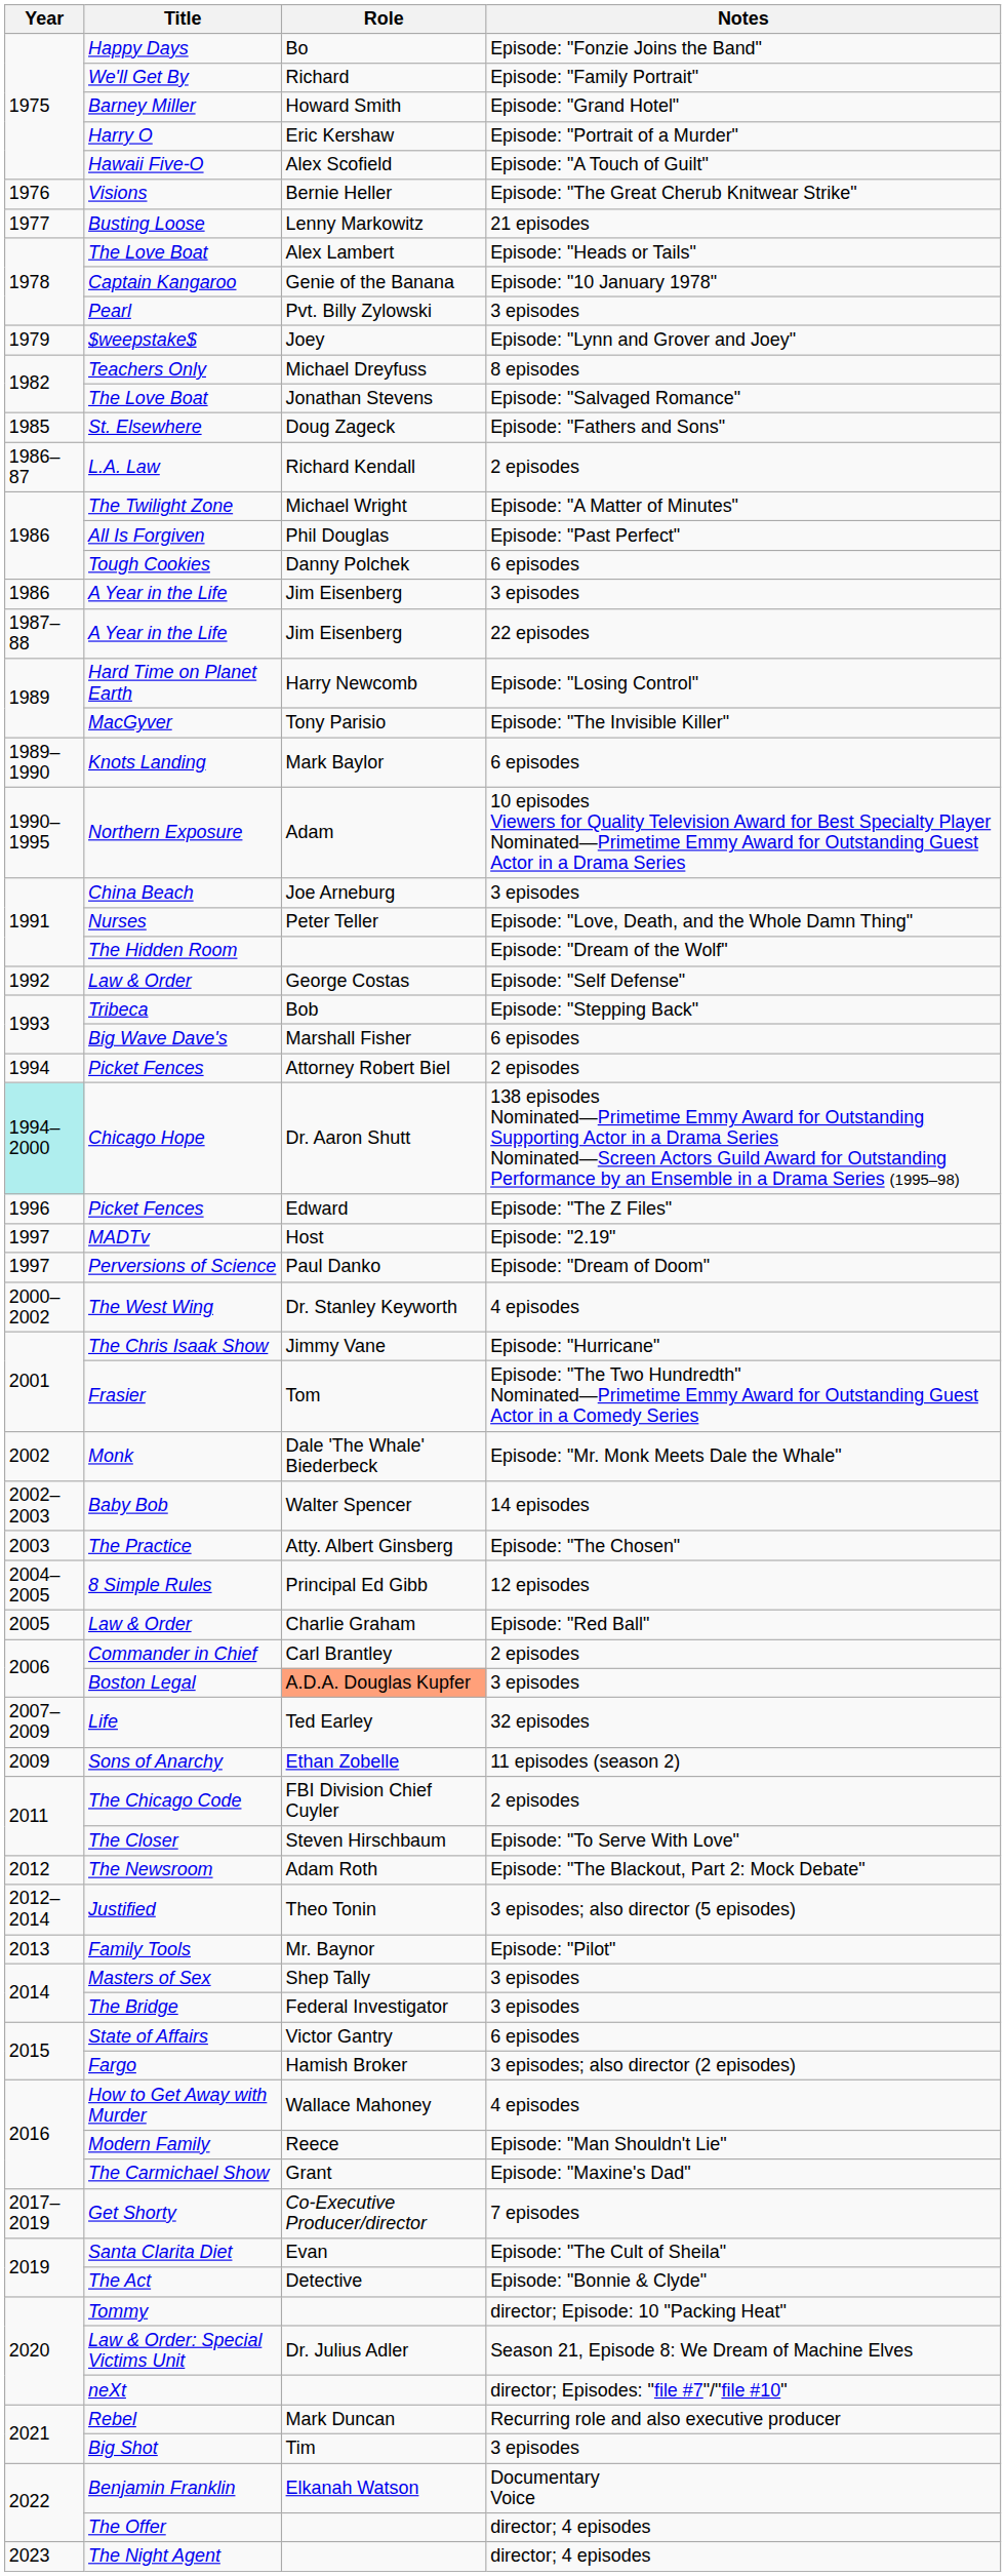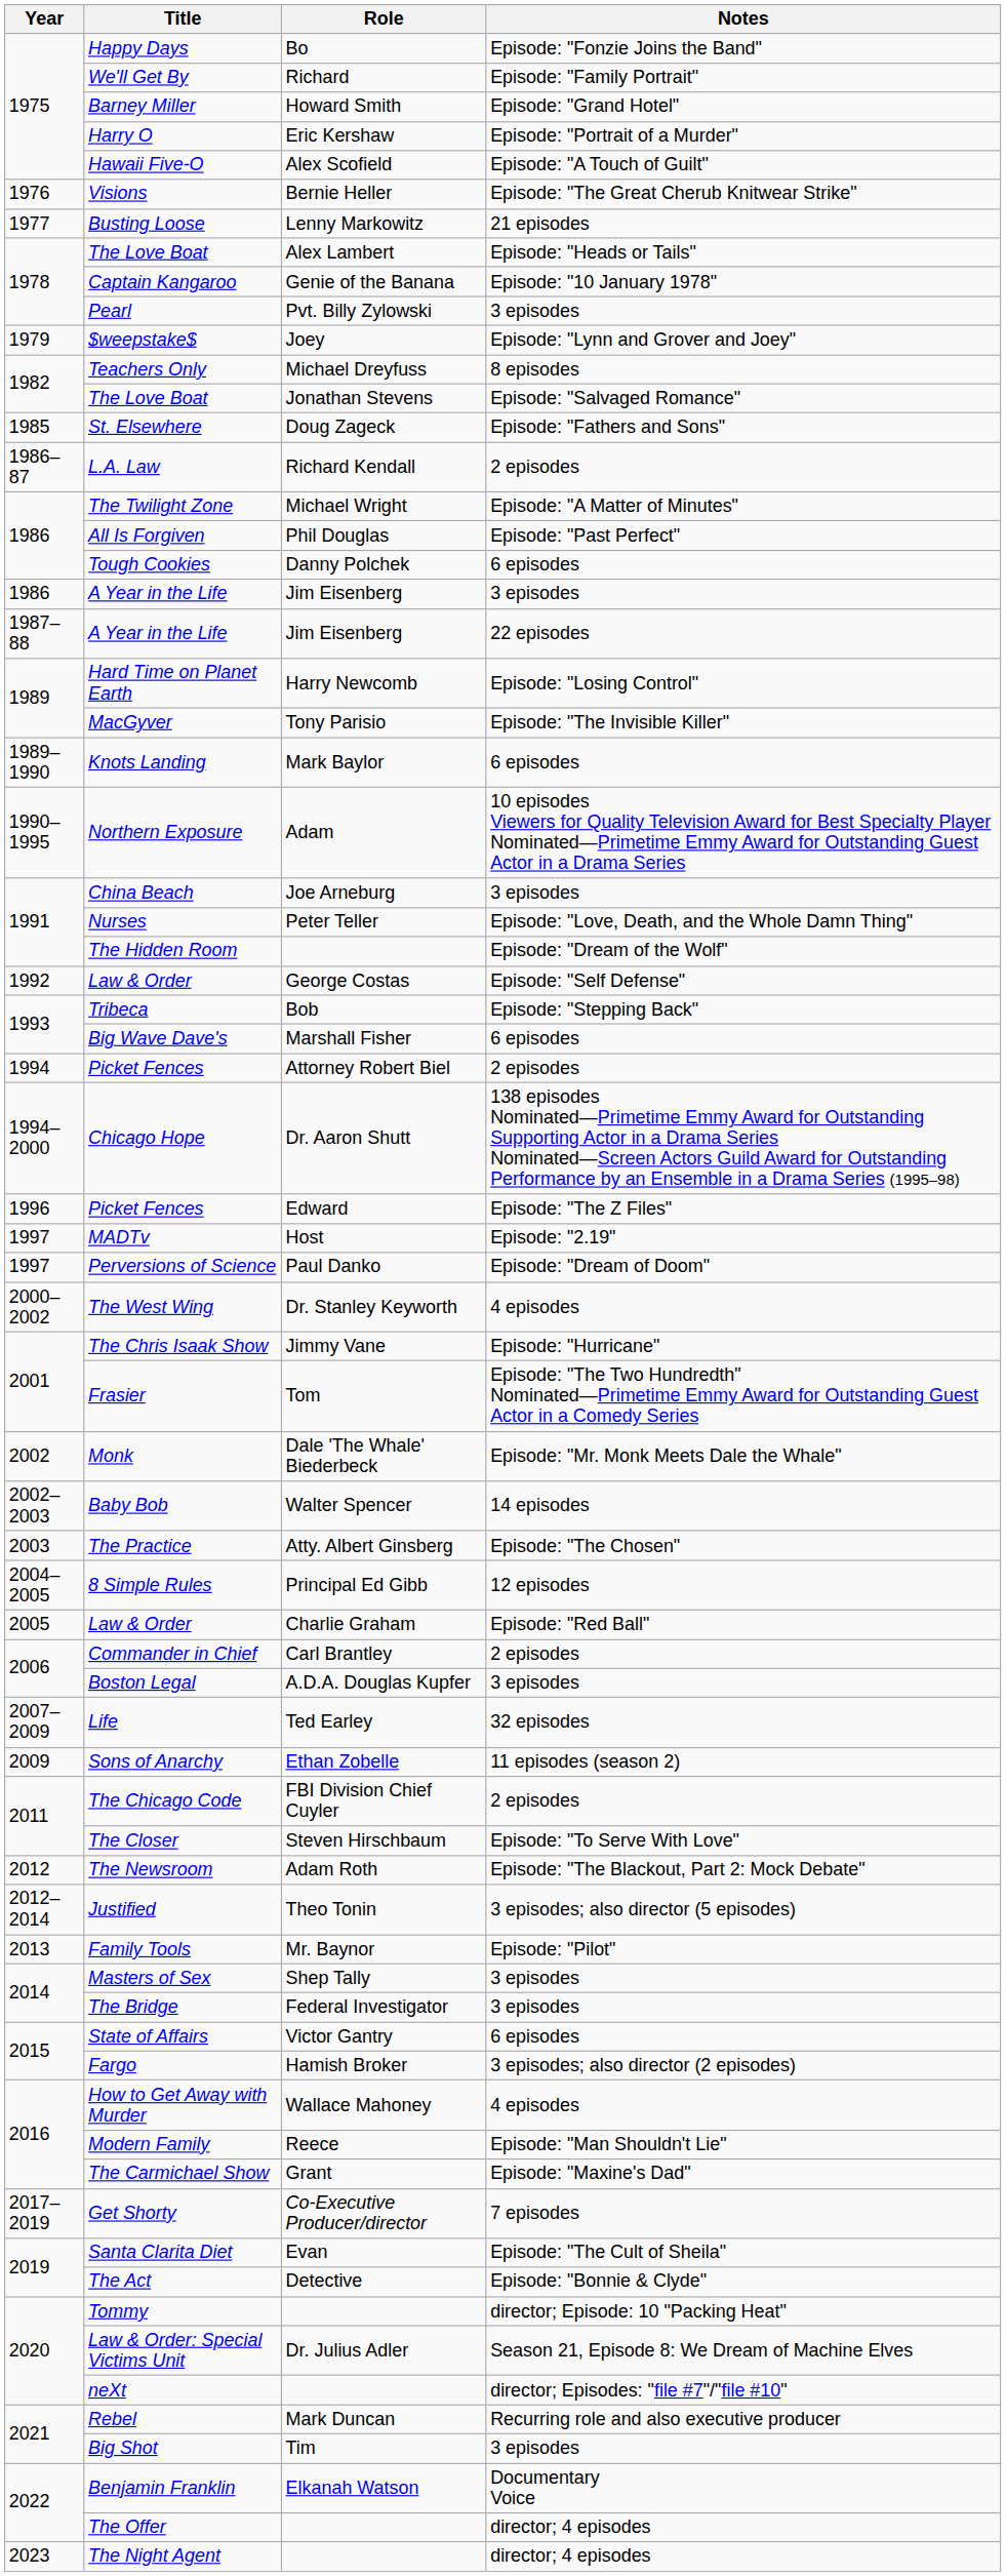 <table class="wikitable sortable">
 <tr>
 <th>Year</th>
 <th>Title</th>
 <th>Role</th>
 <th>Notes</th>
 </tr>
 <tr>
 <td rowspan="5">1975</td>
 <td><em><a href='#'>Happy Days</a></em></td>
 <td>Bo</td>
 <td>Episode: "Fonzie Joins the Band"</td>
 </tr>
 <tr>
 <td><em><a href='#'>We'll Get By</a></em></td>
 <td>Richard</td>
 <td>Episode: "Family Portrait"</td>
 </tr>
 <tr>
 <td><em><a href='#'>Barney Miller</a></em></td>
 <td>Howard Smith</td>
 <td>Episode: "Grand Hotel"</td>
 </tr>
 <tr>
 <td><em><a href='#'>Harry O</a></em></td>
 <td>Eric Kershaw</td>
 <td>Episode: "Portrait of a Murder"</td>
 </tr>
 <tr>
 <td><em><a href='#'>Hawaii Five-O</a></em></td>
 <td>Alex Scofield</td>
 <td>Episode: "A Touch of Guilt"</td>
 </tr>
 <tr>
 <td>1976</td>
 <td><em><a href='#'>Visions</a></em></td>
 <td>Bernie Heller</td>
 <td>Episode: "The Great Cherub Knitwear Strike"</td>
 </tr>
 <tr>
 <td>1977</td>
 <td><em><a href='#'>Busting Loose</a></em></td>
 <td>Lenny Markowitz</td>
 <td>21 episodes</td>
 </tr>
 <tr>
 <td rowspan="3">1978</td>
 <td><em><a href='#'>The Love Boat</a></em></td>
 <td>Alex Lambert</td>
 <td>Episode: "Heads or Tails"</td>
 </tr>
 <tr>
 <td><em><a href='#'>Captain Kangaroo</a></em></td>
 <td>Genie of the Banana</td>
 <td>Episode: "10 January 1978"</td>
 </tr>
 <tr>
 <td><em><a href='#'>Pearl</a></em></td>
 <td>Pvt. Billy Zylowski</td>
 <td>3 episodes</td>
 </tr>
 <tr>
 <td>1979</td>
 <td><em><a href='#'>$weepstake$</a></em></td>
 <td>Joey</td>
 <td>Episode: "Lynn and Grover and Joey"</td>
 </tr>
 <tr>
 <td rowspan="2">1982</td>
 <td><em><a href='#'>Teachers Only</a></em></td>
 <td>Michael Dreyfuss</td>
 <td>8 episodes</td>
 </tr>
 <tr>
 <td><em><a href='#'>The Love Boat</a></em></td>
 <td>Jonathan Stevens</td>
 <td>Episode: "Salvaged Romance"</td>
 </tr>
 <tr>
 <td>1985</td>
 <td><em><a href='#'>St. Elsewhere</a></em></td>
 <td>Doug Zageck</td>
 <td>Episode: "Fathers and Sons"</td>
 </tr>
 <tr>
 <td>1986–87</td>
 <td><em><a href='#'>L.A. Law</a></em></td>
 <td>Richard Kendall</td>
 <td>2 episodes</td>
 </tr>
 <tr>
 <td rowspan="3">1986</td>
 <td><em><a href='#'>The Twilight Zone</a></em></td>
 <td>Michael Wright</td>
 <td>Episode: "A Matter of Minutes"</td>
 </tr>
 <tr>
 <td><em><a href='#'>All Is Forgiven</a></em></td>
 <td>Phil Douglas</td>
 <td>Episode: "Past Perfect"</td>
 </tr>
 <tr>
 <td><em><a href='#'>Tough Cookies</a></em></td>
 <td>Danny Polchek</td>
 <td>6 episodes</td>
 </tr>
 <tr>
 <td>1986</td>
 <td><em><a href='#'>A Year in the Life</a></em></td>
 <td>Jim Eisenberg</td>
 <td>3 episodes</td>
 </tr>
 <tr>
 <td>1987–88</td>
 <td><em><a href='#'>A Year in the Life</a></em></td>
 <td>Jim Eisenberg</td>
 <td>22 episodes</td>
 </tr>
 <tr>
 <td rowspan="2">1989</td>
 <td><em><a href='#'>Hard Time on Planet Earth</a></em></td>
 <td>Harry Newcomb</td>
 <td>Episode: "Losing Control"</td>
 </tr>
 <tr>
 <td><em><a href='#'>MacGyver</a></em></td>
 <td>Tony Parisio</td>
 <td>Episode: "The Invisible Killer"</td>
 </tr>
 <tr>
 <td>1989–1990</td>
 <td><em><a href='#'>Knots Landing</a></em></td>
 <td>Mark Baylor</td>
 <td>6 episodes</td>
 </tr>
 <tr>
 <td>1990–1995</td>
 <td><em><a href='#'>Northern Exposure</a></em></td>
 <td>Adam</td>
 <td>10 episodes<br><a href='#'>Viewers for Quality Television Award for Best Specialty Player</a><br>Nominated—<a href='#'>Primetime Emmy Award for Outstanding Guest Actor in a Drama Series</a></td>
 </tr>
 <tr>
 <td rowspan="3">1991</td>
 <td><em><a href='#'>China Beach</a></em></td>
 <td>Joe Arneburg</td>
 <td>3 episodes</td>
 </tr>
 <tr>
 <td><em><a href='#'>Nurses</a></em></td>
 <td>Peter Teller</td>
 <td>Episode: "Love, Death, and the Whole Damn Thing"</td>
 </tr>
 <tr>
 <td><em><a href='#'>The Hidden Room</a></em></td>
 <td></td>
 <td>Episode: "Dream of the Wolf"</td>
 </tr>
 <tr>
 <td>1992</td>
 <td><em><a href='#'>Law & Order</a></em></td>
 <td>George Costas</td>
 <td>Episode: "Self Defense"</td>
 </tr>
 <tr>
 <td rowspan="2">1993</td>
 <td><em><a href='#'>Tribeca</a></em></td>
 <td>Bob</td>
 <td>Episode: "Stepping Back"</td>
 </tr>
 <tr>
 <td><em><a href='#'>Big Wave Dave's</a></em></td>
 <td>Marshall Fisher</td>
 <td>6 episodes</td>
 </tr>
 <tr>
 <td>1994</td>
 <td><em><a href='#'>Picket Fences</a></em></td>
 <td>Attorney Robert Biel</td>
 <td>2 episodes</td>
 </tr>
 <tr>
-<td style="background: paleturquoise;">1994–2000</td>
+<td>1994–2000</td>
 <td><em><a href='#'>Chicago Hope</a></em></td>
 <td>Dr. Aaron Shutt</td>
 <td>138 episodes<br>Nominated—<a href='#'>Primetime Emmy Award for Outstanding Supporting Actor in a Drama Series</a><br>Nominated—<a href='#'>Screen Actors Guild Award for Outstanding Performance by an Ensemble in a Drama Series</a> <small>(1995–98)</small></td>
 </tr>
 <tr>
 <td>1996</td>
 <td><em><a href='#'>Picket Fences</a></em></td>
 <td>Edward</td>
 <td>Episode: "The Z Files"</td>
 </tr>
 <tr>
 <td>1997</td>
 <td><em><a href='#'>MADTv</a></em></td>
 <td>Host</td>
 <td>Episode: "2.19"</td>
 </tr>
 <tr>
 <td>1997</td>
 <td><em><a href='#'>Perversions of Science</a></em></td>
 <td>Paul Danko</td>
 <td>Episode: "Dream of Doom"</td>
 </tr>
 <tr>
 <td>2000–2002</td>
 <td><em><a href='#'>The West Wing</a></em></td>
 <td>Dr. Stanley Keyworth</td>
 <td>4 episodes</td>
 </tr>
 <tr>
 <td rowspan="2">2001</td>
 <td><em><a href='#'>The Chris Isaak Show</a></em></td>
 <td>Jimmy Vane</td>
 <td>Episode: "Hurricane"</td>
 </tr>
 <tr>
 <td><em><a href='#'>Frasier</a></em></td>
 <td>Tom</td>
 <td>Episode: "The Two Hundredth"<br>Nominated—<a href='#'>Primetime Emmy Award for Outstanding Guest Actor in a Comedy Series</a></td>
 </tr>
 <tr>
 <td>2002</td>
 <td><em><a href='#'>Monk</a></em></td>
 <td>Dale 'The Whale' Biederbeck</td>
 <td>Episode: "Mr. Monk Meets Dale the Whale"</td>
 </tr>
 <tr>
 <td>2002–2003</td>
 <td><em><a href='#'>Baby Bob</a></em></td>
 <td>Walter Spencer</td>
 <td>14 episodes</td>
 </tr>
 <tr>
 <td>2003</td>
 <td><em><a href='#'>The Practice</a></em></td>
 <td>Atty. Albert Ginsberg</td>
 <td>Episode: "The Chosen"</td>
 </tr>
 <tr>
 <td>2004–2005</td>
 <td><em><a href='#'>8 Simple Rules</a></em></td>
 <td>Principal Ed Gibb</td>
 <td>12 episodes</td>
 </tr>
 <tr>
 <td>2005</td>
 <td><em><a href='#'>Law & Order</a></em></td>
 <td>Charlie Graham</td>
 <td>Episode: "Red Ball"</td>
 </tr>
 <tr>
 <td rowspan="2">2006</td>
 <td><em><a href='#'>Commander in Chief</a></em></td>
 <td>Carl Brantley</td>
 <td>2 episodes</td>
 </tr>
 <tr>
 <td><em><a href='#'>Boston Legal</a></em></td>
-<td style="background: lightsalmon;">A.D.A. Douglas Kupfer</td>
+<td>A.D.A. Douglas Kupfer</td>
 <td>3 episodes</td>
 </tr>
 <tr>
 <td>2007–2009</td>
 <td><em><a href='#'>Life</a></em></td>
 <td>Ted Earley</td>
 <td>32 episodes</td>
 </tr>
 <tr>
 <td>2009</td>
 <td><em><a href='#'>Sons of Anarchy</a></em></td>
 <td><a href='#'>Ethan Zobelle</a></td>
 <td>11 episodes (season 2)</td>
 </tr>
 <tr>
 <td rowspan="2">2011</td>
 <td><em><a href='#'>The Chicago Code</a></em></td>
 <td>FBI Division Chief Cuyler</td>
 <td>2 episodes</td>
 </tr>
 <tr>
 <td><em><a href='#'>The Closer</a></em></td>
 <td>Steven Hirschbaum</td>
 <td>Episode: "To Serve With Love"</td>
 </tr>
 <tr>
 <td>2012</td>
 <td><em><a href='#'>The Newsroom</a></em></td>
 <td>Adam Roth</td>
 <td>Episode: "The Blackout, Part 2: Mock Debate"</td>
 </tr>
 <tr>
 <td>2012–2014</td>
 <td><em><a href='#'>Justified</a></em></td>
 <td>Theo Tonin</td>
 <td>3 episodes; also director (5 episodes)</td>
 </tr>
 <tr>
 <td>2013</td>
 <td><em><a href='#'>Family Tools</a></em></td>
 <td>Mr. Baynor</td>
 <td>Episode: "Pilot"</td>
 </tr>
 <tr>
 <td rowspan=2>2014</td>
 <td><em><a href='#'>Masters of Sex</a></em></td>
 <td>Shep Tally</td>
 <td>3 episodes</td>
 </tr>
 <tr>
 <td><em><a href='#'>The Bridge</a></em></td>
 <td>Federal Investigator</td>
 <td>3 episodes</td>
 </tr>
 <tr>
 <td rowspan=2>2015</td>
 <td><em><a href='#'>State of Affairs</a></em></td>
 <td>Victor Gantry</td>
 <td>6 episodes</td>
 </tr>
 <tr>
 <td><em><a href='#'>Fargo</a></em></td>
 <td>Hamish Broker</td>
 <td>3 episodes; also director (2 episodes)</td>
 </tr>
 <tr>
 <td rowspan="3">2016</td>
 <td><em><a href='#'>How to Get Away with Murder</a></em></td>
 <td>Wallace Mahoney</td>
 <td>4 episodes</td>
 </tr>
 <tr>
 <td><em><a href='#'>Modern Family</a></em></td>
 <td>Reece</td>
 <td>Episode: "Man Shouldn't Lie"</td>
 </tr>
 <tr>
 <td><em><a href='#'>The Carmichael Show</a></em></td>
 <td>Grant</td>
 <td>Episode: "Maxine's Dad"</td>
 </tr>
 <tr>
 <td>2017–2019</td>
 <td><em><a href='#'>Get Shorty</a></em></td>
 <td><em>Co-Executive Producer/director</em></td>
 <td>7 episodes</td>
 </tr>
 <tr>
 <td rowspan=2>2019</td>
 <td><em><a href='#'>Santa Clarita Diet</a></em></td>
 <td>Evan</td>
 <td>Episode: "The Cult of Sheila"</td>
 </tr>
 <tr>
 <td><em><a href='#'>The Act</a></em></td>
 <td>Detective</td>
 <td>Episode: "Bonnie & Clyde"</td>
 </tr>
 <tr>
 <td rowspan=3>2020</td>
 <td><em><a href='#'>Tommy</a></em></td>
 <td></td>
 <td>director; Episode: 10 "Packing Heat"</td>
 </tr>
 <tr>
 <td><em><a href='#'>Law & Order: Special Victims Unit</a></em></td>
 <td>Dr. Julius Adler</td>
 <td>Season 21, Episode 8: We Dream of Machine Elves</td>
 </tr>
 <tr>
 <td><em><a href='#'>neXt</a></em></td>
 <td></td>
 <td>director; Episodes: "<a href='#'>file #7</a>"/"<a href='#'>file #10</a>"</td>
 </tr>
 <tr>
 <td rowspan="2">2021</td>
 <td><em><a href='#'>Rebel</a></em></td>
 <td>Mark Duncan</td>
 <td>Recurring role and also executive producer</td>
 </tr>
 <tr>
 <td><em><a href='#'>Big Shot</a></em></td>
 <td>Tim</td>
 <td>3 episodes</td>
 </tr>
 <tr>
 <td rowspan="2">2022</td>
 <td><em><a href='#'>Benjamin Franklin</a></em></td>
 <td><a href='#'>Elkanah Watson</a></td>
 <td>Documentary<br>Voice</td>
 </tr>
 <tr>
 <td><em><a href='#'>The Offer</a></em></td>
 <td></td>
 <td>director; 4 episodes</td>
 </tr>
 <tr>
 <td>2023</td>
 <td><em><a href='#'>The Night Agent</a></em></td>
 <td></td>
 <td>director; 4 episodes</td>
 </tr>
 </table>
